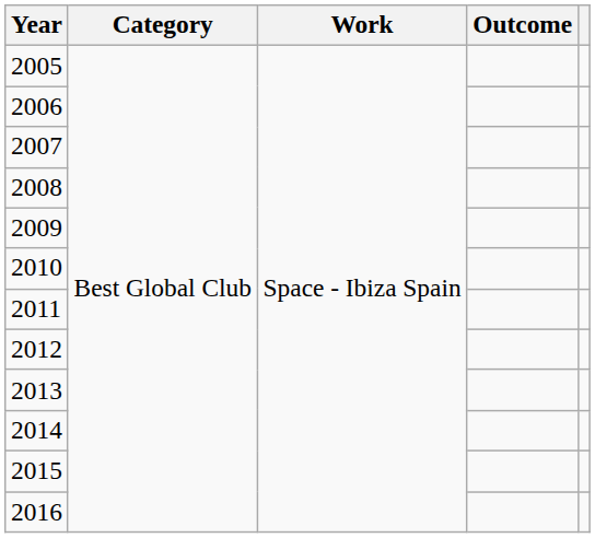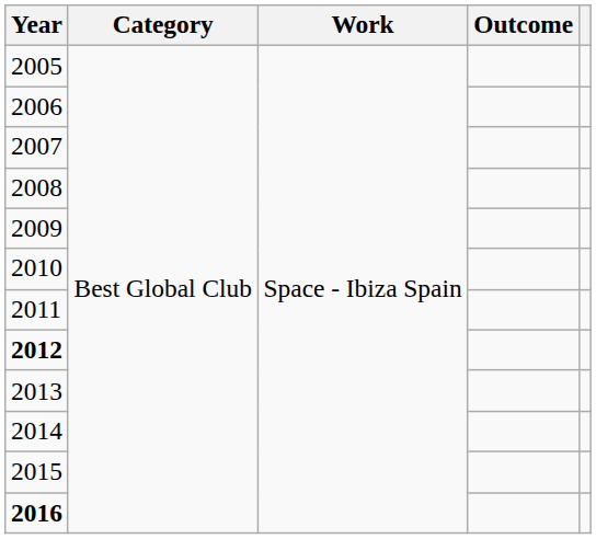 <table class="wikitable sortable">
 <tr>
 <th>Year</th>
 <th>Category</th>
 <th>Work</th>
 <th>Outcome</th>
 <th></th>
 </tr>
 <tr>
 <td>2005</td>
 <td rowspan="12">Best Global Club</td>
 <td rowspan="12">Space - Ibiza Spain</td>
 <td></td>
 <td></td>
 </tr>
 <tr>
 <td>2006</td>
 <td></td>
 <td></td>
 </tr>
 <tr>
 <td>2007</td>
 <td></td>
 <td></td>
 </tr>
 <tr>
 <td>2008</td>
 <td></td>
 <td></td>
 </tr>
 <tr>
 <td>2009</td>
 <td></td>
 <td></td>
 </tr>
 <tr>
 <td>2010</td>
 <td></td>
 <td></td>
 </tr>
 <tr>
 <td>2011</td>
 <td></td>
 <td></td>
 </tr>
 <tr>
-<td>2012</td>
+<td><strong>2012</strong></td>
 <td></td>
 <td></td>
 </tr>
 <tr>
 <td>2013</td>
 <td></td>
 <td></td>
 </tr>
 <tr>
 <td>2014</td>
 <td></td>
 <td></td>
 </tr>
 <tr>
 <td>2015</td>
 <td></td>
 <td></td>
 </tr>
 <tr>
-<td>2016</td>
+<td><strong>2016</strong></td>
 <td></td>
 <td></td>
 </tr>
 </table>
